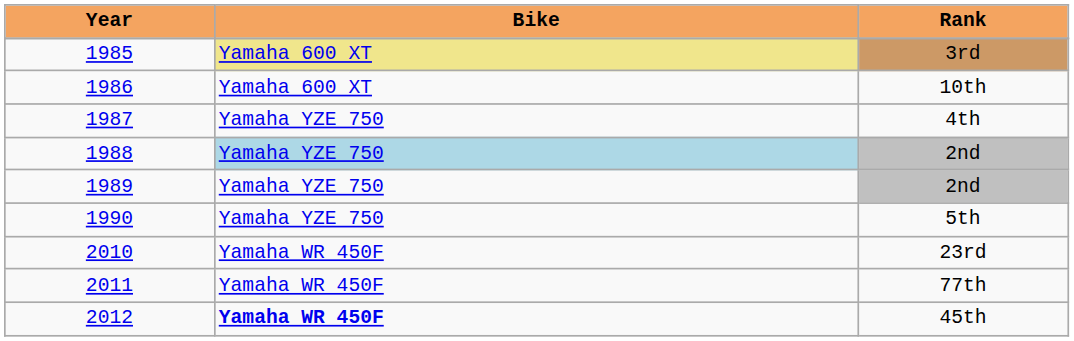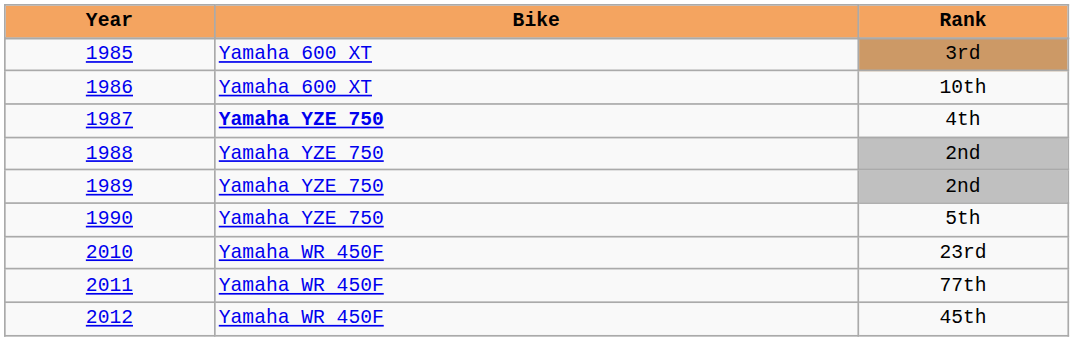 <table class="wikitable" width=40% style="font-size:90%;">
 <tr>
 <th style="background:sandybrown">Year</th>
 <th style="background:sandybrown">Bike</th>
 <th style="background:sandybrown">Rank</th>
 </tr>
 <tr>
 </tr>
 <tr>
 <td align="center"><a href='#'>1985</a></td>
-<td style="background: khaki;"><a href='#'>Yamaha 600 XT</a></td>
+<td><a href='#'>Yamaha 600 XT</a></td>
 <td align="center" bgcolor="#cc9966">3rd</td>
 </tr>
 <tr>
 <td align="center"><a href='#'>1986</a></td>
 <td><a href='#'>Yamaha 600 XT</a></td>
 <td align="center">10th</td>
 </tr>
 <tr>
 <td align="center"><a href='#'>1987</a></td>
-<td><a href='#'>Yamaha YZE 750</a></td>
+<td><strong><a href='#'>Yamaha YZE 750</a></strong></td>
 <td align="center">4th</td>
 </tr>
 <tr>
 <td align="center"><a href='#'>1988</a></td>
-<td style="background: lightblue;"><a href='#'>Yamaha YZE 750</a></td>
+<td><a href='#'>Yamaha YZE 750</a></td>
 <td align="center" bgcolor="silver">2nd</td>
 </tr>
 <tr>
 <td align="center"><a href='#'>1989</a></td>
 <td><a href='#'>Yamaha YZE 750</a></td>
 <td align="center" bgcolor="silver">2nd</td>
 </tr>
 <tr>
 <td align="center"><a href='#'>1990</a></td>
 <td><a href='#'>Yamaha YZE 750</a></td>
 <td align="center">5th</td>
 </tr>
 <tr>
 <td align="center"><a href='#'>2010</a></td>
 <td><a href='#'>Yamaha WR 450F</a></td>
 <td align="center">23rd</td>
 </tr>
 <tr>
 <td align="center"><a href='#'>2011</a></td>
 <td><a href='#'>Yamaha WR 450F</a></td>
 <td align="center">77th</td>
 </tr>
 <tr>
 <td align="center"><a href='#'>2012</a></td>
-<td><strong><a href='#'>Yamaha WR 450F</a></strong></td>
+<td><a href='#'>Yamaha WR 450F</a></td>
 <td align="center">45th</td>
 </tr>
 </table>
